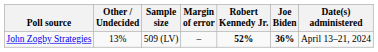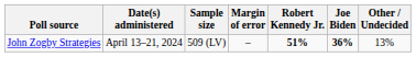 <table class="wikitable sortable mw-datatable" style="font-size:90%;text-align:center;line-height:17px">
 <tr valign=bottom>
 <th>Poll source</th>
-<th class="unsortable">Other /<br>Undecided</th>
+<th>Date(s)<br>administered</th>
 <th>Sample<br>size</th>
 <th>Margin<br>of error</th>
 <th class="unsortable">Robert<br>Kennedy Jr.<br></th>
 <th class="unsortable">Joe<br>Biden<br></th>
-<th>Date(s)<br>administered</th>
+<th class="unsortable">Other /<br>Undecided</th>
 </tr>
 <tr>
 <td style="text-align:left;"><a href='#'>John Zogby Strategies</a></td>
-<td>13%</td>
+<td data-sort-value="2024-05-01">April 13–21, 2024</td>
 <td>509 (LV)</td>
 <td>–</td>
-<td style="background-color:"><strong>52%</strong></td>
+<td style="background-color:"><strong>51%</strong></td>
 <td><strong>36%</strong></td>
-<td data-sort-value="2024-05-01">April 13–21, 2024</td>
+<td>13%</td>
 </tr>
 </table>
